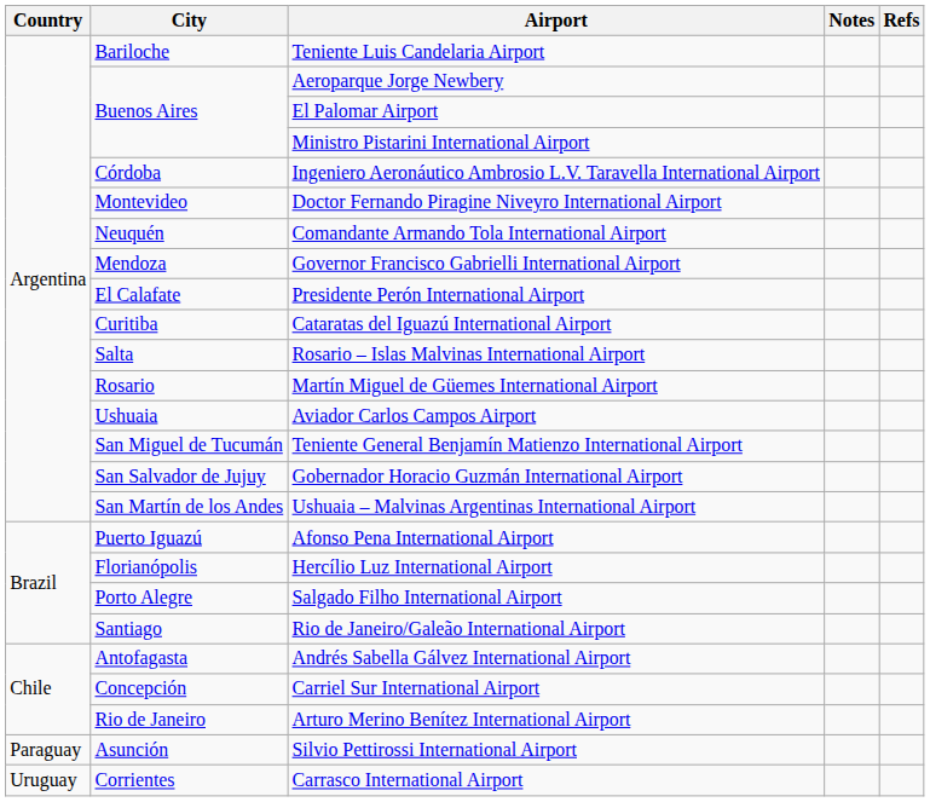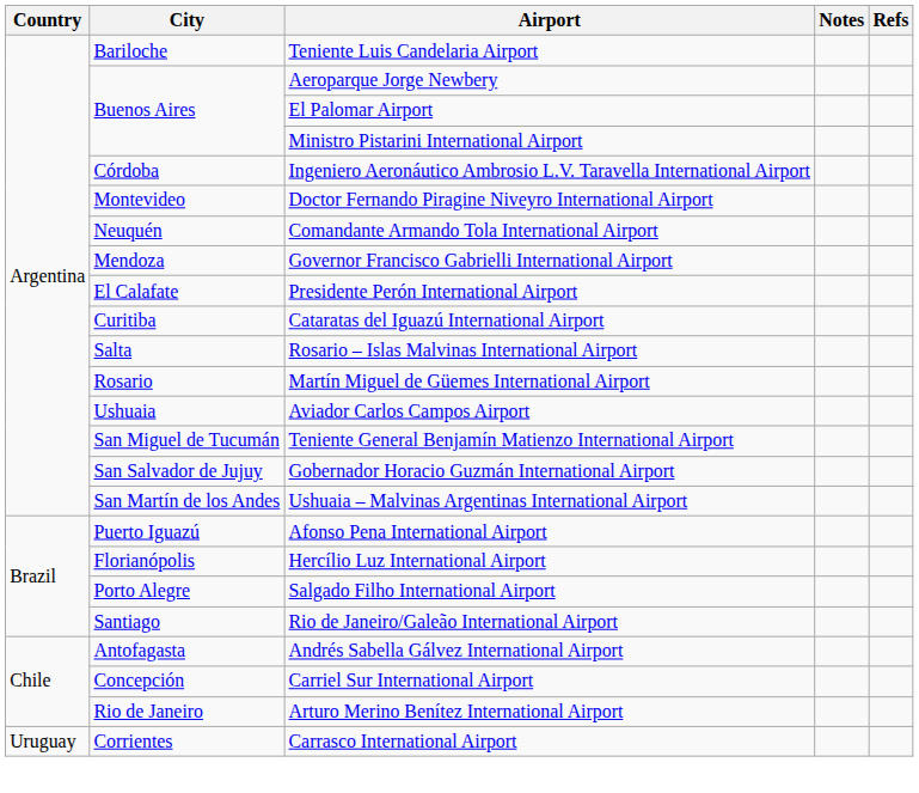 <table class="wikitable sortable" align=center>
 <tr>
 <th>Country</th>
 <th>City</th>
 <th>Airport</th>
 <th>Notes</th>
 <th class="unsortable">Refs</th>
 </tr>
 <tr>
 <td rowspan=16>Argentina</td>
 <td><a href='#'>Bariloche</a></td>
 <td><a href='#'>Teniente Luis Candelaria Airport</a></td>
 <td></td>
 <td align="center"></td>
 </tr>
 <tr>
 <td rowspan=3><a href='#'>Buenos Aires</a></td>
 <td><a href='#'>Aeroparque Jorge Newbery</a></td>
 <td></td>
 <td align=center></td>
 </tr>
 <tr>
 <td><a href='#'>El Palomar Airport</a></td>
 <td></td>
 <td align=center></td>
 </tr>
 <tr>
 <td><a href='#'>Ministro Pistarini International Airport</a></td>
 <td></td>
 <td align=center></td>
 </tr>
 <tr>
 <td><a href='#'>Córdoba</a></td>
 <td><a href='#'>Ingeniero Aeronáutico Ambrosio L.V. Taravella International Airport</a></td>
 <td></td>
 <td align=center></td>
 </tr>
 <tr>
 <td><a href='#'>Montevideo</a></td>
 <td><a href='#'>Doctor Fernando Piragine Niveyro International Airport</a></td>
 <td></td>
 <td align=center></td>
 </tr>
 <tr>
 <td><a href='#'>Neuquén</a></td>
 <td><a href='#'>Comandante Armando Tola International Airport</a></td>
 <td></td>
 <td align=center></td>
 </tr>
 <tr>
 <td><a href='#'>Mendoza</a></td>
 <td><a href='#'>Governor Francisco Gabrielli International Airport</a></td>
 <td></td>
 <td align=center></td>
 </tr>
 <tr>
 <td><a href='#'>El Calafate</a></td>
 <td><a href='#'>Presidente Perón International Airport</a></td>
 <td></td>
 <td align=center></td>
 </tr>
 <tr>
 <td><a href='#'>Curitiba</a></td>
 <td><a href='#'>Cataratas del Iguazú International Airport</a></td>
 <td></td>
 <td align=center></td>
 </tr>
 <tr>
 <td><a href='#'>Salta</a></td>
 <td><a href='#'>Rosario – Islas Malvinas International Airport</a></td>
 <td></td>
 <td align=center></td>
 </tr>
 <tr>
 <td><a href='#'>Rosario</a></td>
 <td><a href='#'>Martín Miguel de Güemes International Airport</a></td>
 <td></td>
 <td align="center"></td>
 </tr>
 <tr>
 <td><a href='#'>Ushuaia</a></td>
 <td><a href='#'>Aviador Carlos Campos Airport</a></td>
 <td></td>
 <td align=center></td>
 </tr>
 <tr>
 <td><a href='#'>San Miguel de Tucumán</a></td>
 <td><a href='#'>Teniente General Benjamín Matienzo International Airport</a></td>
 <td></td>
 <td align="center"></td>
 </tr>
 <tr>
 <td><a href='#'>San Salvador de Jujuy</a></td>
 <td><a href='#'>Gobernador Horacio Guzmán International Airport</a></td>
 <td></td>
 <td align=center></td>
 </tr>
 <tr>
 <td><a href='#'>San Martín de los Andes</a></td>
 <td><a href='#'>Ushuaia – Malvinas Argentinas International Airport</a></td>
 <td></td>
 <td align="center"></td>
 </tr>
 <tr>
 <td rowspan=4>Brazil</td>
 <td><a href='#'>Puerto Iguazú</a></td>
 <td><a href='#'>Afonso Pena International Airport</a></td>
 <td align=center></td>
 <td align=center></td>
 </tr>
 <tr>
 <td><a href='#'>Florianópolis</a></td>
 <td><a href='#'>Hercílio Luz International Airport</a></td>
 <td></td>
 <td align=center></td>
 </tr>
 <tr>
 <td><a href='#'>Porto Alegre</a></td>
 <td><a href='#'>Salgado Filho International Airport</a></td>
 <td align=center></td>
 <td align=center></td>
 </tr>
 <tr>
 <td><a href='#'>Santiago</a></td>
 <td><a href='#'>Rio de Janeiro/Galeão International Airport</a></td>
 <td></td>
 <td align=center></td>
 </tr>
 <tr>
 <td rowspan=3>Chile</td>
 <td><a href='#'>Antofagasta</a></td>
 <td><a href='#'>Andrés Sabella Gálvez International Airport</a></td>
 <td></td>
 <td></td>
 </tr>
 <tr>
 <td><a href='#'>Concepción</a></td>
 <td><a href='#'>Carriel Sur International Airport</a></td>
 <td></td>
 <td align=center></td>
 </tr>
 <tr>
 <td><a href='#'>Rio de Janeiro</a></td>
 <td><a href='#'>Arturo Merino Benítez International Airport</a></td>
 <td></td>
 <td align=center></td>
 </tr>
 <tr>
-<td>Paraguay</td>
-<td><a href='#'>Asunción</a></td>
-<td><a href='#'>Silvio Pettirossi International Airport</a></td>
-<td></td>
-<td align=center></td>
-</tr>
-<tr>
 <td>Uruguay</td>
 <td><a href='#'>Corrientes</a></td>
 <td><a href='#'>Carrasco International Airport</a></td>
 <td></td>
 <td align=center></td>
 </tr>
 </table>
